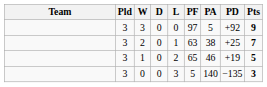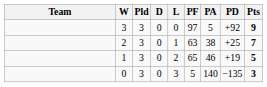 <table class="wikitable" style="text-align:center;">
 <tr>
 <th width=175>Team</th>
+<th width=20 abbr="Won">W</th>
 <th width=20 abbr="Played">Pld</th>
-<th width=20 abbr="Won">W</th>
 <th width=20 abbr="Drawn">D</th>
 <th width=20 abbr="Lost">L</th>
 <th width=20 abbr="Points for">PF</th>
 <th width=20 abbr="Points against">PA</th>
 <th width=25 abbr="Points difference">PD</th>
 <th width=20 abbr="Points">Pts</th>
 </tr>
 <tr>
 <td align=left></td>
 <td>3</td>
 <td>3</td>
 <td>0</td>
 <td>0</td>
 <td>97</td>
 <td>5</td>
 <td>+92</td>
 <td><strong>9</strong></td>
 </tr>
 <tr>
 <td align=left></td>
+<td>2</td>
 <td>3</td>
-<td>2</td>
 <td>0</td>
 <td>1</td>
 <td>63</td>
 <td>38</td>
 <td>+25</td>
 <td><strong>7</strong></td>
 </tr>
 <tr>
 <td align=left></td>
+<td>1</td>
 <td>3</td>
-<td>1</td>
 <td>0</td>
 <td>2</td>
 <td>65</td>
 <td>46</td>
 <td>+19</td>
 <td><strong>5</strong></td>
 </tr>
 <tr>
 <td align=left></td>
+<td>0</td>
 <td>3</td>
-<td>0</td>
 <td>0</td>
 <td>3</td>
 <td>5</td>
 <td>140</td>
 <td>−135</td>
 <td><strong>3</strong></td>
 </tr>
 </table>
